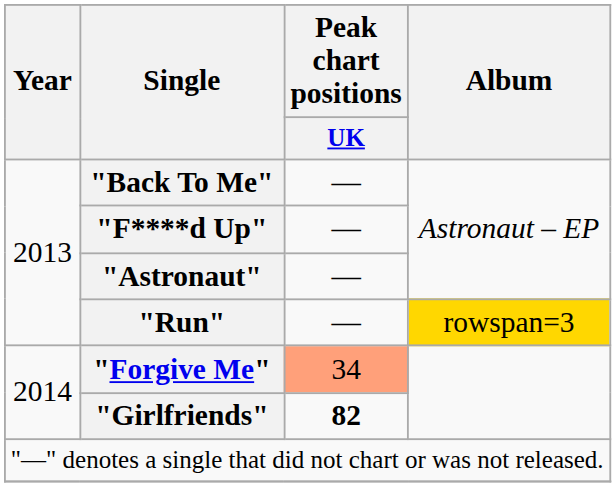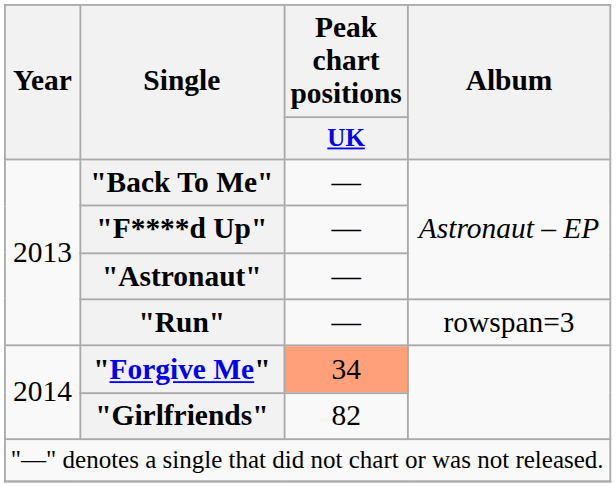 <table class="wikitable plainrowheaders" style="text-align:center;">
 <tr>
 <th scope="col" rowspan="2">Year</th>
 <th scope="col" rowspan="2">Single</th>
 <th scope="col" colspan="1">Peak chart positions</th>
 <th scope="col" rowspan="2">Album</th>
 </tr>
 <tr>
 <th scope="col" style="width:3em;font-size:85%;"><a href='#'>UK</a><br></th>
 </tr>
 <tr>
 <td rowspan="4">2013</td>
 <th scope="row">"Back To Me"</th>
 <td>—</td>
 <td rowspan="3"><em>Astronaut – EP</em></td>
 </tr>
 <tr>
 <th scope="row">"F****d Up"</th>
 <td>—</td>
 </tr>
 <tr>
 <th scope="row">"Astronaut"</th>
 <td>—</td>
 </tr>
 <tr>
 <th scope="row">"Run"</th>
 <td>—</td>
-<td style="background: gold;">rowspan=3 </td>
+<td>rowspan=3 </td>
 </tr>
 <tr>
 <td rowspan="2">2014</td>
 <th scope="row">"<a href='#'>Forgive Me</a>"</th>
 <td style="background: lightsalmon;">34</td>
 </tr>
 <tr>
 <th scope="row">"Girlfriends"</th>
-<td><strong>82</strong></td>
+<td>82</td>
 </tr>
 <tr>
 <td colspan="19" style="font-size:85%">"—" denotes a single that did not chart or was not released.</td>
 </tr>
 <tr>
 </tr>
 </table>
